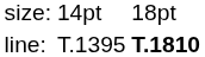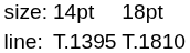 <table style="margin-left:40px;">
 <tr>
 <td>size:</td>
 <td>14pt</td>
 <td>18pt</td>
 </tr>
 <tr>
 <td>line:</td>
 <td>T.1395</td>
-<td><strong>T.1810</strong></td>
+<td>T.1810</td>
 </tr>
 </table>
